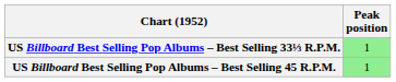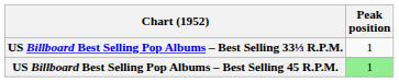 <table class="wikitable plainrowheaders" style="text-align:center">
 <tr>
 <th scope="col">Chart (1952)</th>
 <th scope="col">Peak<br>position</th>
 </tr>
 <tr>
 <th scope="row" align="left">US <a href='#'><em>Billboard</em> Best Selling Pop Albums</a> – Best Selling 33⅓ R.P.M.</th>
-<td style="background: lightgreen;">1</td>
+<td>1</td>
 </tr>
 <tr>
 <th scope="row" align="left">US <em>Billboard</em> Best Selling Pop Albums – Best Selling 45 R.P.M.</th>
 <td style="background: lightgreen;">1</td>
 </tr>
 </table>
